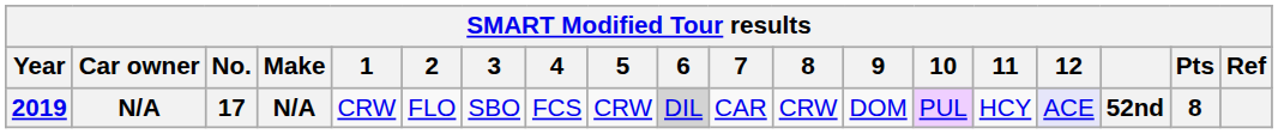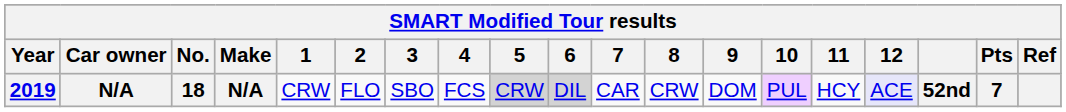 <table class="wikitable" style="text-align:center; font-size:75%">
 <tr>
 <th colspan=38><a href='#'>SMART Modified Tour</a> results</th>
 </tr>
 <tr>
 <th>Year</th>
 <th>Car owner</th>
 <th>No.</th>
 <th>Make</th>
 <th>1</th>
 <th>2</th>
 <th>3</th>
 <th>4</th>
 <th>5</th>
 <th>6</th>
 <th>7</th>
 <th>8</th>
 <th>9</th>
 <th>10</th>
 <th>11</th>
 <th>12</th>
 <th></th>
 <th>Pts</th>
 <th>Ref</th>
 </tr>
 <tr>
 <th><a href='#'>2019</a></th>
 <th>N/A</th>
-<th>17</th>
+<th>18</th>
 <th>N/A</th>
 <td><a href='#'>CRW</a></td>
 <td><a href='#'>FLO</a></td>
 <td><a href='#'>SBO</a></td>
 <td><a href='#'>FCS</a></td>
-<td><a href='#'>CRW</a></td>
+<td style="background: lightgrey;"><a href='#'>CRW</a></td>
 <td style="background: lightgrey;"><a href='#'>DIL</a></td>
 <td><a href='#'>CAR</a></td>
 <td><a href='#'>CRW</a></td>
 <td><a href='#'>DOM</a></td>
 <td style="background:#EFCFFF;"><a href='#'>PUL</a><br></td>
 <td><a href='#'>HCY</a></td>
 <td style="background: lavender;"><a href='#'>ACE</a></td>
 <th>52nd</th>
-<th>8</th>
+<th>7</th>
 <th></th>
 </tr>
 </table>
